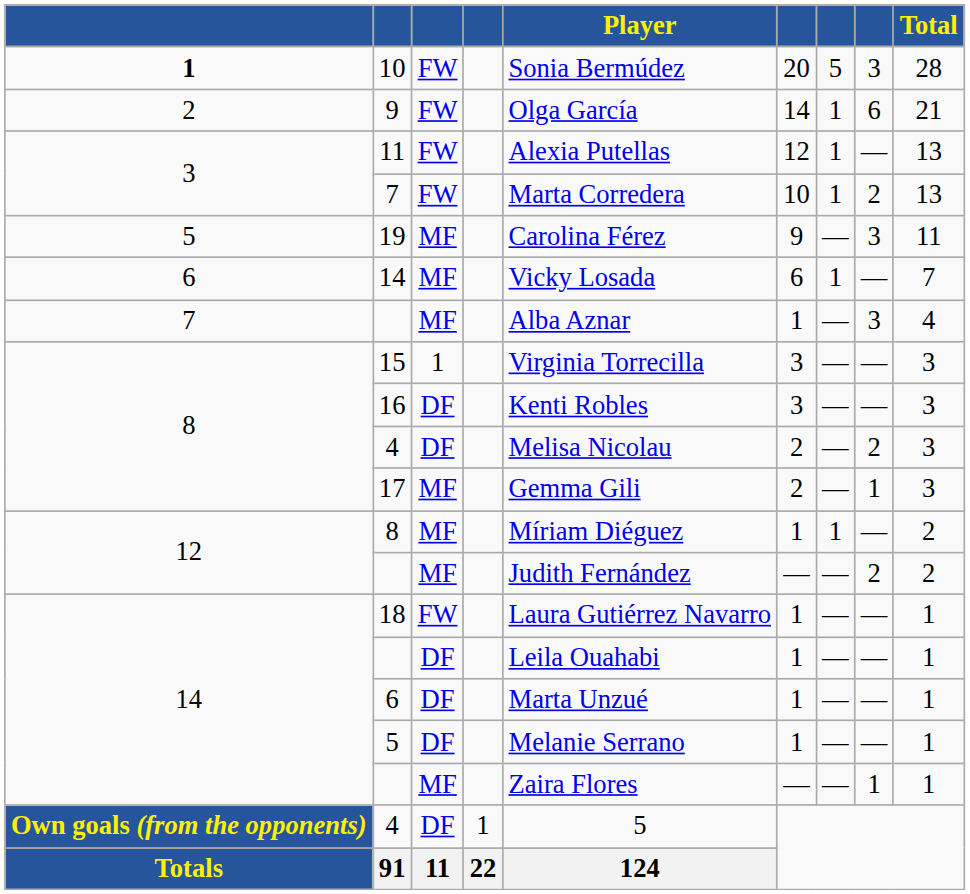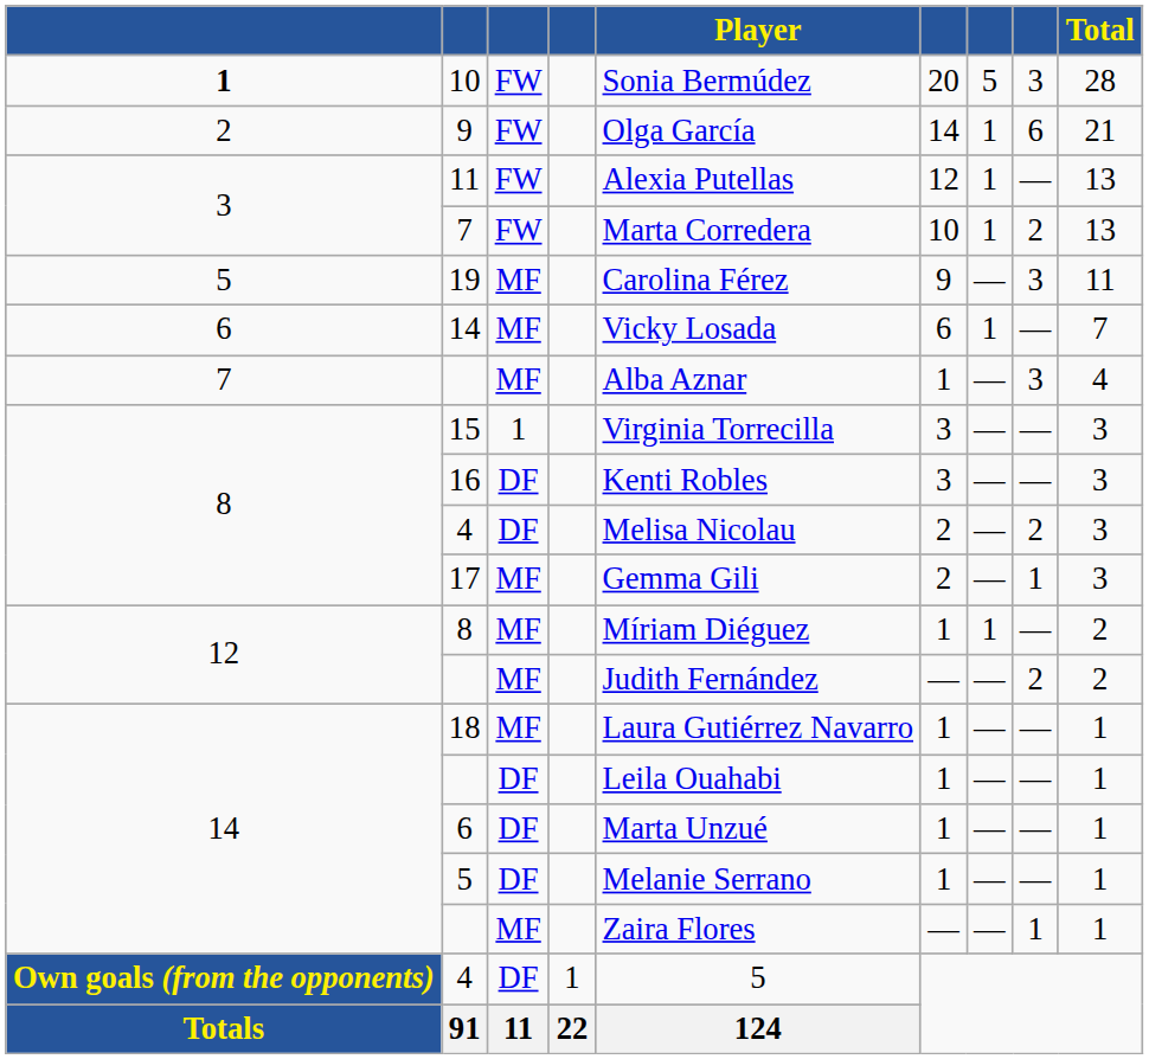 <table class="wikitable" style="text-align:center;">
 <tr>
 <th style="background:#26559B; color:#FFF000; "></th>
 <th style="background:#26559B; color:#FFF000; "></th>
 <th style="background:#26559B; color:#FFF000; "></th>
 <th style="background:#26559B; color:#FFF000; "></th>
 <th style="background:#26559B; color:#FFF000; ">Player</th>
 <th style="background:#26559B; color:#FFF000; "></th>
 <th style="background:#26559B; color:#FFF000; "></th>
 <th style="background:#26559B; color:#FFF000; "></th>
 <th style="background:#26559B; color:#FFF000; ">Total</th>
 </tr>
 <tr>
 <td><strong>1</strong></td>
 <td>10</td>
 <td><a href='#'>FW</a></td>
 <td></td>
 <td align="left"><a href='#'>Sonia Bermúdez</a></td>
 <td>20</td>
 <td>5</td>
 <td>3</td>
 <td>28</td>
 </tr>
 <tr>
 <td>2</td>
 <td>9</td>
 <td><a href='#'>FW</a></td>
 <td></td>
 <td align="left"><a href='#'>Olga García</a></td>
 <td>14</td>
 <td>1</td>
 <td>6</td>
 <td>21</td>
 </tr>
 <tr>
 <td rowspan="2">3</td>
 <td>11</td>
 <td><a href='#'>FW</a></td>
 <td></td>
 <td align="left"><a href='#'>Alexia Putellas</a></td>
 <td>12</td>
 <td>1</td>
 <td>—</td>
 <td>13</td>
 </tr>
 <tr>
 <td>7</td>
 <td><a href='#'>FW</a></td>
 <td></td>
 <td align="left"><a href='#'>Marta Corredera</a></td>
 <td>10</td>
 <td>1</td>
 <td>2</td>
 <td>13</td>
 </tr>
 <tr>
 <td>5</td>
 <td>19</td>
 <td><a href='#'>MF</a></td>
 <td></td>
 <td align="left"><a href='#'>Carolina Férez</a></td>
 <td>9</td>
 <td>—</td>
 <td>3</td>
 <td>11</td>
 </tr>
 <tr>
 <td>6</td>
 <td>14</td>
 <td><a href='#'>MF</a></td>
 <td></td>
 <td align="left"><a href='#'>Vicky Losada</a></td>
 <td>6</td>
 <td>1</td>
 <td>—</td>
 <td>7</td>
 </tr>
 <tr>
 <td>7</td>
 <td></td>
 <td><a href='#'>MF</a></td>
 <td></td>
 <td align="left"><a href='#'>Alba Aznar</a></td>
 <td>1</td>
 <td>—</td>
 <td>3</td>
 <td>4</td>
 </tr>
 <tr>
 <td rowspan="4">8</td>
 <td>15</td>
 <td>1</td>
 <td></td>
 <td align="left"><a href='#'>Virginia Torrecilla</a></td>
 <td>3</td>
 <td>—</td>
 <td>—</td>
 <td>3</td>
 </tr>
 <tr>
 <td>16</td>
 <td><a href='#'>DF</a></td>
 <td></td>
 <td align="left"><a href='#'>Kenti Robles</a></td>
 <td>3</td>
 <td>—</td>
 <td>—</td>
 <td>3</td>
 </tr>
 <tr>
 <td>4</td>
 <td><a href='#'>DF</a></td>
 <td></td>
 <td align="left"><a href='#'>Melisa Nicolau</a></td>
 <td>2</td>
 <td>—</td>
 <td>2</td>
 <td>3</td>
 </tr>
 <tr>
 <td>17</td>
 <td><a href='#'>MF</a></td>
 <td></td>
 <td align="left"><a href='#'>Gemma Gili</a></td>
 <td>2</td>
 <td>—</td>
 <td>1</td>
 <td>3</td>
 </tr>
 <tr>
 <td rowspan="2">12</td>
 <td>8</td>
 <td><a href='#'>MF</a></td>
 <td></td>
 <td align="left"><a href='#'>Míriam Diéguez</a></td>
 <td>1</td>
 <td>1</td>
 <td>—</td>
 <td>2</td>
 </tr>
 <tr>
 <td></td>
 <td><a href='#'>MF</a></td>
 <td></td>
 <td align="left"><a href='#'>Judith Fernández</a></td>
 <td>—</td>
 <td>—</td>
 <td>2</td>
 <td>2</td>
 </tr>
 <tr>
 <td rowspan="5">14</td>
 <td>18</td>
-<td><a href='#'>FW</a></td>
+<td><a href='#'>MF</a></td>
 <td></td>
 <td align="left"><a href='#'>Laura Gutiérrez Navarro</a></td>
 <td>1</td>
 <td>—</td>
 <td>—</td>
 <td>1</td>
 </tr>
 <tr>
 <td></td>
 <td><a href='#'>DF</a></td>
 <td></td>
 <td align="left"><a href='#'>Leila Ouahabi</a></td>
 <td>1</td>
 <td>—</td>
 <td>—</td>
 <td>1</td>
 </tr>
 <tr>
 <td>6</td>
 <td><a href='#'>DF</a></td>
 <td></td>
 <td align="left"><a href='#'>Marta Unzué</a></td>
 <td>1</td>
 <td>—</td>
 <td>—</td>
 <td>1</td>
 </tr>
 <tr>
 <td>5</td>
 <td><a href='#'>DF</a></td>
 <td></td>
 <td align="left"><a href='#'>Melanie Serrano</a></td>
 <td>1</td>
 <td>—</td>
 <td>—</td>
 <td>1</td>
 </tr>
 <tr>
 <td></td>
 <td><a href='#'>MF</a></td>
 <td></td>
 <td align="left"><a href='#'>Zaira Flores</a></td>
 <td>—</td>
 <td>—</td>
 <td>1</td>
 <td>1</td>
 </tr>
 <tr>
 <td style="background:#26559B; color:#FFF000; "><strong>Own goals <em>(from the opponents)<strong><em></td>
 <td>4</td>
 <td><a href='#'>DF</a></td>
 <td>1</td>
 <td>5</td>
 </tr>
 <tr>
 <th style="background:#26559B; color:#FFF000; "></strong>Totals<strong></th>
 <th>91</th>
 <th>11</th>
 <th>22</th>
 <th>124</th>
 </tr>
 </table>
